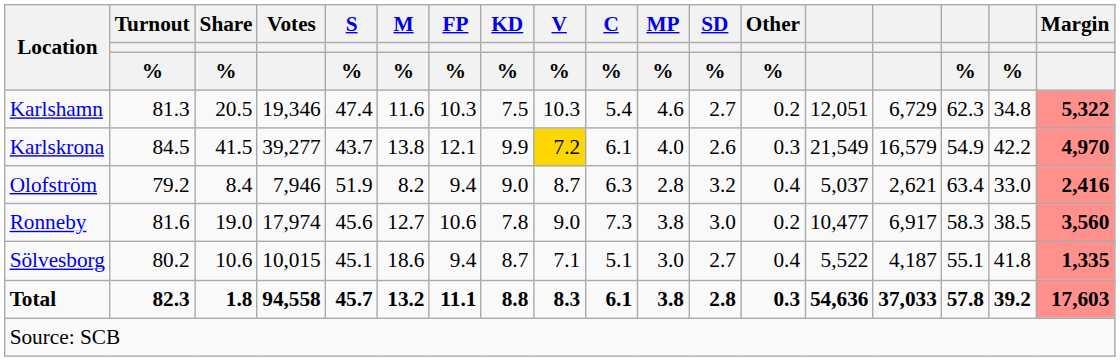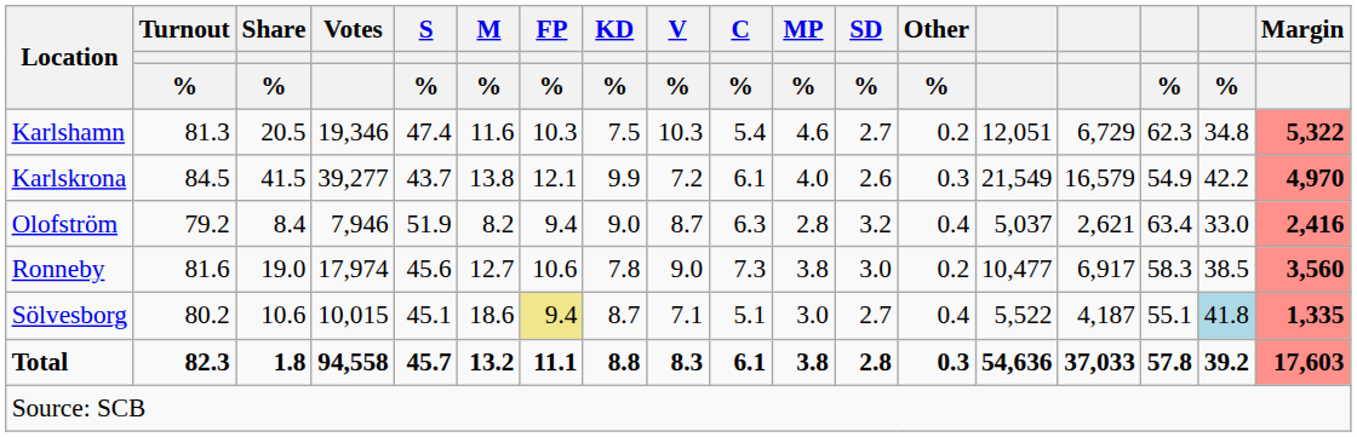 <table class="wikitable sortable" style="text-align:right; font-size:95%; line-height:20px;">
 <tr>
 <th rowspan="3">Location</th>
 <th>Turnout</th>
 <th>Share</th>
 <th>Votes</th>
 <th width="30px" class="unsortable"><a href='#'>S</a></th>
 <th width="30px" class="unsortable"><a href='#'>M</a></th>
 <th width="30px" class="unsortable"><a href='#'>FP</a></th>
 <th width="30px" class="unsortable"><a href='#'>KD</a></th>
 <th width="30px" class="unsortable"><a href='#'>V</a></th>
 <th width="30px" class="unsortable"><a href='#'>C</a></th>
 <th width="30px" class="unsortable"><a href='#'>MP</a></th>
 <th width="30px" class="unsortable"><a href='#'>SD</a></th>
 <th width="30px" class="unsortable">Other</th>
 <th></th>
 <th></th>
 <th></th>
 <th></th>
 <th>Margin</th>
 </tr>
 <tr>
 <th></th>
 <th></th>
 <th></th>
 <th style="background:"></th>
 <th style="background:"></th>
 <th style="background:"></th>
 <th style="background:"></th>
 <th style="background:"></th>
 <th style="background:"></th>
 <th style="background:"></th>
 <th style="background:"></th>
 <th style="background:"></th>
 <th style="background:"></th>
 <th style="background:"></th>
 <th style="background:"></th>
 <th style="background:"></th>
 <th></th>
 </tr>
 <tr>
 <th data-sort-type="number">%</th>
 <th data-sort-type="number">%</th>
 <th></th>
 <th data-sort-type="number">%</th>
 <th data-sort-type="number">%</th>
 <th data-sort-type="number">%</th>
 <th data-sort-type="number">%</th>
 <th data-sort-type="number">%</th>
 <th data-sort-type="number">%</th>
 <th data-sort-type="number">%</th>
 <th data-sort-type="number">%</th>
 <th data-sort-type="number">%</th>
 <th data-sort-type="number"></th>
 <th data-sort-type="number"></th>
 <th data-sort-type="number">%</th>
 <th data-sort-type="number">%</th>
 <th data-sort-type="number"></th>
 </tr>
 <tr>
 <td align=left><a href='#'>Karlshamn</a></td>
 <td>81.3</td>
 <td>20.5</td>
 <td>19,346</td>
 <td>47.4</td>
 <td>11.6</td>
 <td>10.3</td>
 <td>7.5</td>
 <td>10.3</td>
 <td>5.4</td>
 <td>4.6</td>
 <td>2.7</td>
 <td>0.2</td>
 <td>12,051</td>
 <td>6,729</td>
 <td>62.3</td>
 <td>34.8</td>
 <td bgcolor=#ff908c><strong>5,322</strong></td>
 </tr>
 <tr>
 <td align=left><a href='#'>Karlskrona</a></td>
 <td>84.5</td>
 <td>41.5</td>
 <td>39,277</td>
 <td>43.7</td>
 <td>13.8</td>
 <td>12.1</td>
 <td>9.9</td>
-<td style="background: gold;">7.2</td>
+<td>7.2</td>
 <td>6.1</td>
 <td>4.0</td>
 <td>2.6</td>
 <td>0.3</td>
 <td>21,549</td>
 <td>16,579</td>
 <td>54.9</td>
 <td>42.2</td>
 <td bgcolor=#ff908c><strong>4,970</strong></td>
 </tr>
 <tr>
 <td align=left><a href='#'>Olofström</a></td>
 <td>79.2</td>
 <td>8.4</td>
 <td>7,946</td>
 <td>51.9</td>
 <td>8.2</td>
 <td>9.4</td>
 <td>9.0</td>
 <td>8.7</td>
 <td>6.3</td>
 <td>2.8</td>
 <td>3.2</td>
 <td>0.4</td>
 <td>5,037</td>
 <td>2,621</td>
 <td>63.4</td>
 <td>33.0</td>
 <td bgcolor=#ff908c><strong>2,416</strong></td>
 </tr>
 <tr>
 <td align=left><a href='#'>Ronneby</a></td>
 <td>81.6</td>
 <td>19.0</td>
 <td>17,974</td>
 <td>45.6</td>
 <td>12.7</td>
 <td>10.6</td>
 <td>7.8</td>
 <td>9.0</td>
 <td>7.3</td>
 <td>3.8</td>
 <td>3.0</td>
 <td>0.2</td>
 <td>10,477</td>
 <td>6,917</td>
 <td>58.3</td>
 <td>38.5</td>
 <td bgcolor=#ff908c><strong>3,560</strong></td>
 </tr>
 <tr>
 <td align=left><a href='#'>Sölvesborg</a></td>
 <td>80.2</td>
 <td>10.6</td>
 <td>10,015</td>
 <td>45.1</td>
 <td>18.6</td>
-<td>9.4</td>
+<td style="background: khaki;">9.4</td>
 <td>8.7</td>
 <td>7.1</td>
 <td>5.1</td>
 <td>3.0</td>
 <td>2.7</td>
 <td>0.4</td>
 <td>5,522</td>
 <td>4,187</td>
 <td>55.1</td>
-<td>41.8</td>
+<td style="background: lightblue;">41.8</td>
 <td bgcolor=#ff908c><strong>1,335</strong></td>
 </tr>
 <tr>
 <td align=left><strong>Total</strong></td>
 <td><strong>82.3</strong></td>
 <td><strong>1.8</strong></td>
 <td><strong>94,558</strong></td>
 <td><strong>45.7</strong></td>
 <td><strong>13.2</strong></td>
 <td><strong>11.1</strong></td>
 <td><strong>8.8</strong></td>
 <td><strong>8.3</strong></td>
 <td><strong>6.1</strong></td>
 <td><strong>3.8</strong></td>
 <td><strong>2.8</strong></td>
 <td><strong>0.3</strong></td>
 <td><strong>54,636</strong></td>
 <td><strong>37,033</strong></td>
 <td><strong>57.8</strong></td>
 <td><strong>39.2</strong></td>
 <td bgcolor=#ff908c><strong>17,603</strong></td>
 </tr>
 <tr>
 <td align=left colspan=18>Source: SCB</td>
 </tr>
 </table>
